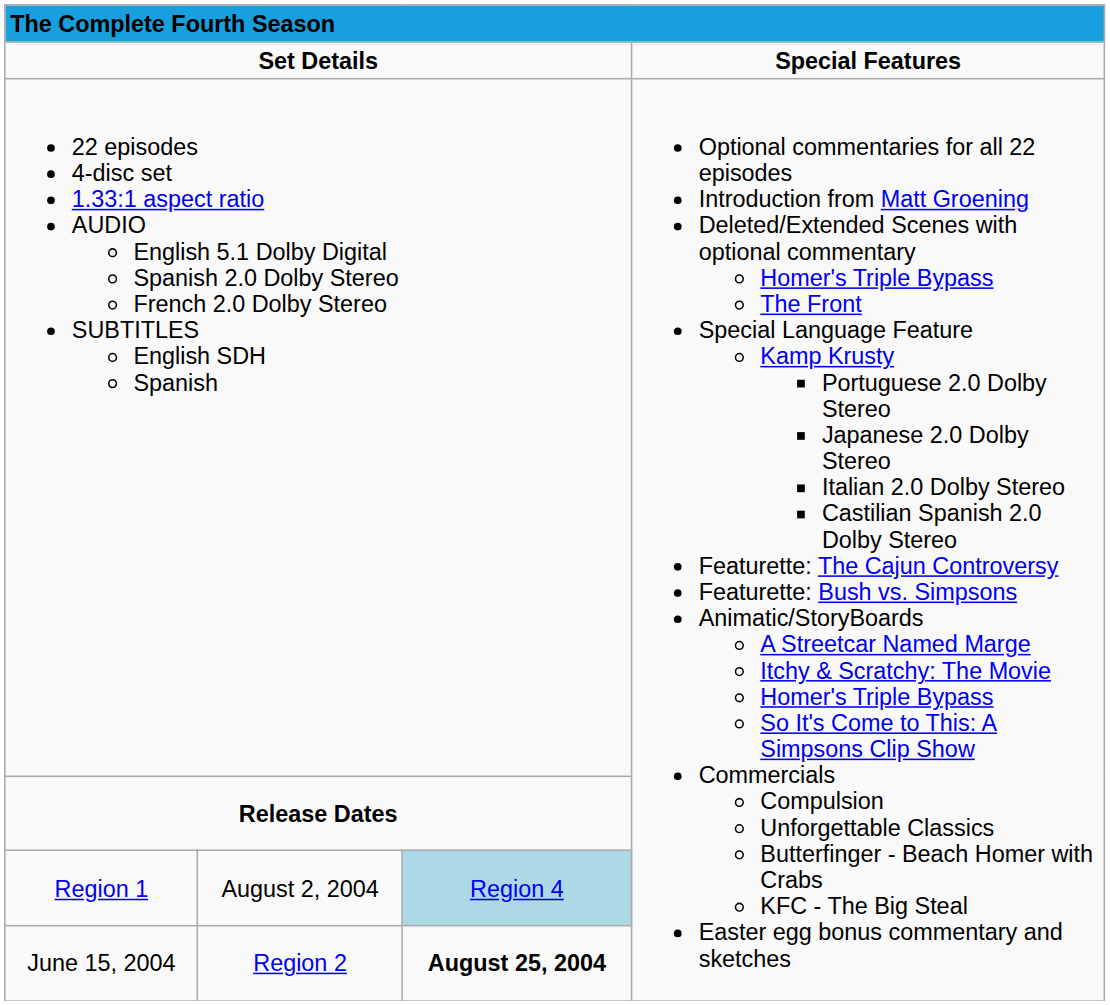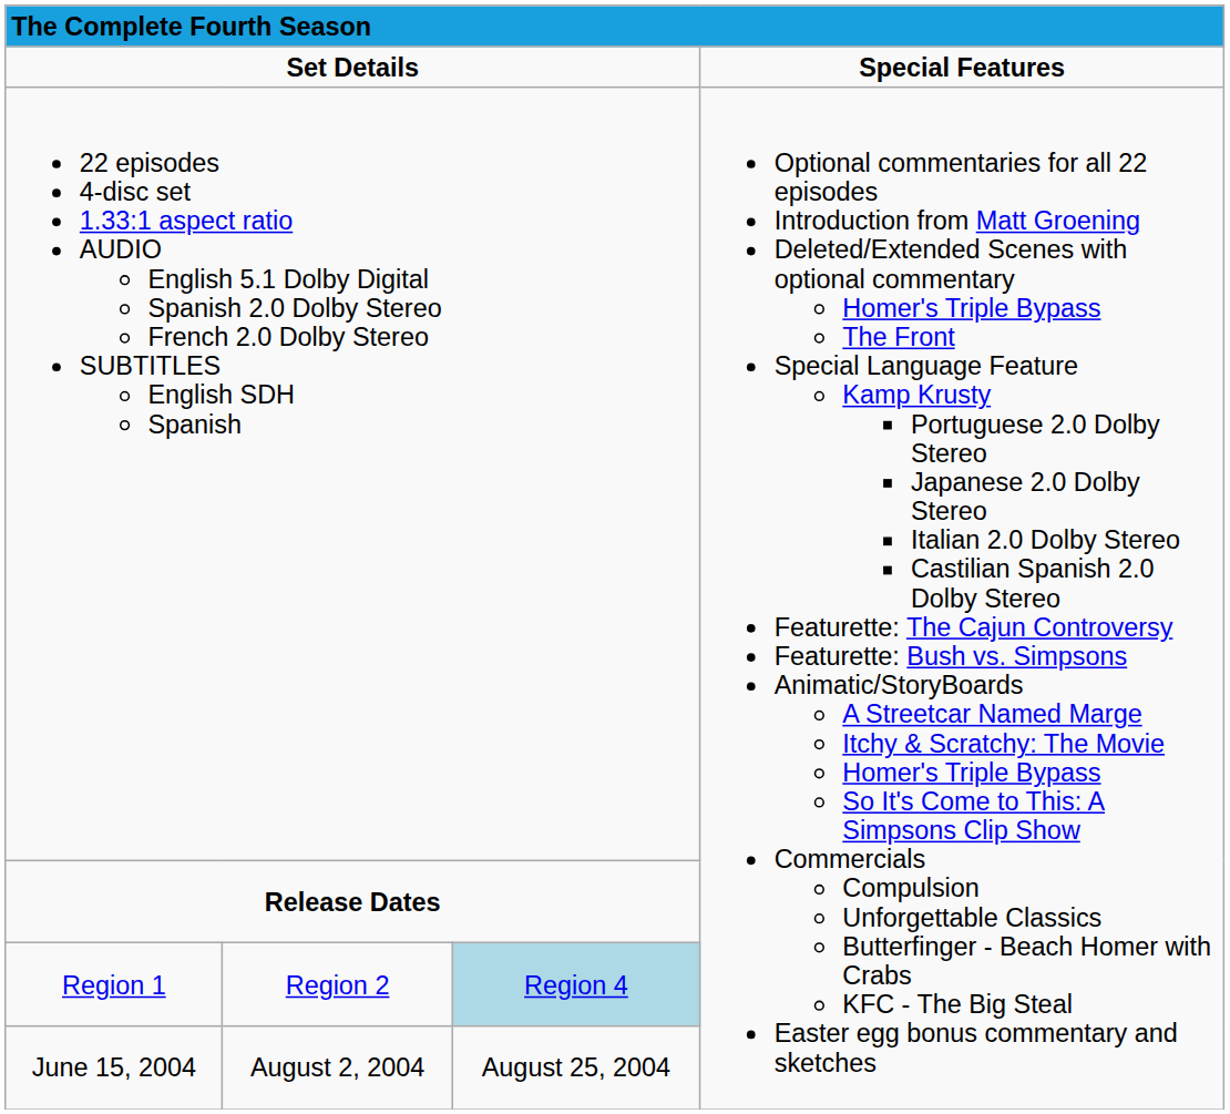 <table class="wikitable" style="font-size: 95%;">
 <tr>
 <td colspan="5" style="background-color: #189FDD; "><strong>The Complete Fourth Season</strong></td>
 </tr>
 <tr valign="top">
 <td align="center" width="400" colspan="3"><strong>Set Details</strong></td>
 <td width="300" align="center"><strong>Special Features</strong></td>
 </tr>
 <tr valign="top">
 <td colspan="3" align="left" width="400"><br><ul><li>22 episodes</li><li>4-disc set</li><li><a href='#'>1.33:1 aspect ratio</a></li><li>AUDIO<ul><li>English 5.1 Dolby Digital</li><li>Spanish 2.0 Dolby Stereo</li><li>French 2.0 Dolby Stereo</li></ul></li><li>SUBTITLES<ul><li>English SDH</li><li>Spanish</li></ul></li></ul></td>
 <td rowspan="4" align="left" width="300"><br><ul><li>Optional commentaries for all 22 episodes</li><li>Introduction from <a href='#'>Matt Groening</a></li><li>Deleted/Extended Scenes with optional commentary<ul><li><a href='#'>Homer's Triple Bypass</a></li><li><a href='#'>The Front</a></li></ul></li><li>Special Language Feature<ul><li><a href='#'>Kamp Krusty</a><ul><li>Portuguese 2.0 Dolby Stereo</li><li>Japanese 2.0 Dolby Stereo</li><li>Italian 2.0 Dolby Stereo</li><li>Castilian Spanish 2.0 Dolby Stereo</li></ul></li></ul></li><li>Featurette: <a href='#'>The Cajun Controversy</a></li><li>Featurette: <a href='#'>Bush vs. Simpsons</a></li><li>Animatic/StoryBoards<ul><li><a href='#'>A Streetcar Named Marge</a></li><li><a href='#'>Itchy & Scratchy: The Movie</a></li><li><a href='#'>Homer's Triple Bypass</a></li><li><a href='#'>So It's Come to This: A Simpsons Clip Show</a></li></ul></li><li>Commercials<ul><li>Compulsion</li><li>Unforgettable Classics</li><li>Butterfinger - Beach Homer with Crabs</li><li>KFC - The Big Steal</li></ul></li><li>Easter egg bonus commentary and sketches</li></ul></td>
 </tr>
 <tr>
 <td colspan="3" align="center"><strong>Release Dates</strong></td>
 </tr>
 <tr>
 <td align="center"><a href='#'>Region 1</a></td>
-<td align="center">August 2, 2004</td>
+<td align="center"><a href='#'>Region 2</a></td>
 <td align="center" style="background: lightblue;"><a href='#'>Region 4</a></td>
 </tr>
 <tr>
 <td align="center">June 15, 2004</td>
-<td align="center"><a href='#'>Region 2</a></td>
-<td align="center"><strong>August 25, 2004</strong></td>
+<td align="center">August 2, 2004</td>
+<td align="center">August 25, 2004</td>
 </tr>
 </table>
